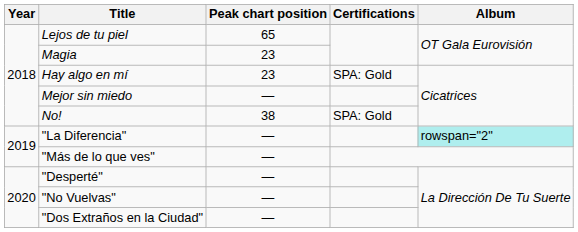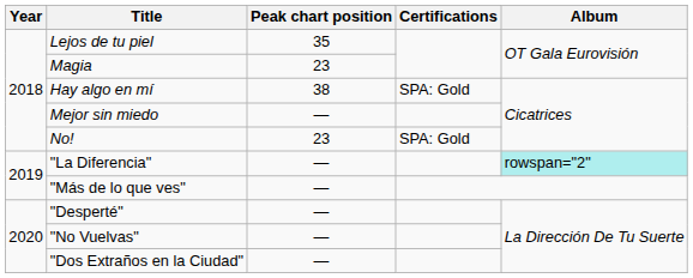 <table class=wikitable>
 <tr>
 <th>Year</th>
 <th>Title</th>
 <th>Peak chart position</th>
 <th>Certifications</th>
 <th>Album</th>
 </tr>
 <tr>
 <td rowspan=5>2018</td>
 <td><em>Lejos de tu piel</em></td>
-<td align=center>65</td>
+<td align=center>35</td>
 <td rowspan=2></td>
 <td rowspan=2><em>OT Gala Eurovisión</em></td>
 </tr>
 <tr>
 <td><em>Magia</em><br></td>
 <td align=center>23</td>
 </tr>
 <tr>
 <td><em>Hay algo en mí</em></td>
-<td align=center>23</td>
+<td align=center>38</td>
 <td>SPA: Gold</td>
 <td rowspan=3><em>Cicatrices</em></td>
 </tr>
 <tr>
 <td><em>Mejor sin miedo</em></td>
 <td align=center>—</td>
 <td></td>
 </tr>
 <tr>
 <td><em>No!</em><br></td>
-<td align=center>38</td>
+<td align=center>23</td>
 <td>SPA: Gold</td>
 </tr>
 <tr>
 <td rowspan="2">2019</td>
 <td>"La Diferencia"</td>
 <td align=center>—</td>
 <td></td>
 <td style="background: paleturquoise;">rowspan="2" </td>
 </tr>
 <tr>
 <td>"Más de lo que ves"</td>
 <td align=center>—</td>
 </tr>
 <tr>
 <td rowspan="3">2020</td>
 <td>"Desperté"</td>
 <td align=center>—</td>
 <td></td>
 <td rowspan="3"><em>La Dirección De Tu Suerte</em></td>
 </tr>
 <tr>
 <td>"No Vuelvas"</td>
 <td align=center>—</td>
 <td></td>
 </tr>
 <tr>
 <td>"Dos Extraños en la Ciudad"</td>
 <td align=center>—</td>
 <td></td>
 </tr>
 </table>
